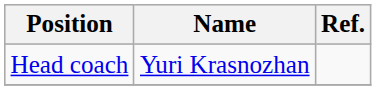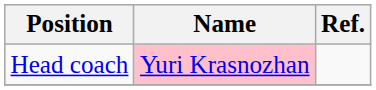 <table class="wikitable">
 <tr>
 <th>Position</th>
 <th>Name</th>
 <th>Ref.</th>
 </tr>
 <tr>
 <td><a href='#'>Head coach</a></td>
-<td> <a href='#'>Yuri Krasnozhan</a></td>
+<td style="background: pink;"> <a href='#'>Yuri Krasnozhan</a></td>
 <td></td>
 </tr>
 <tr>
 </tr>
 </table>
